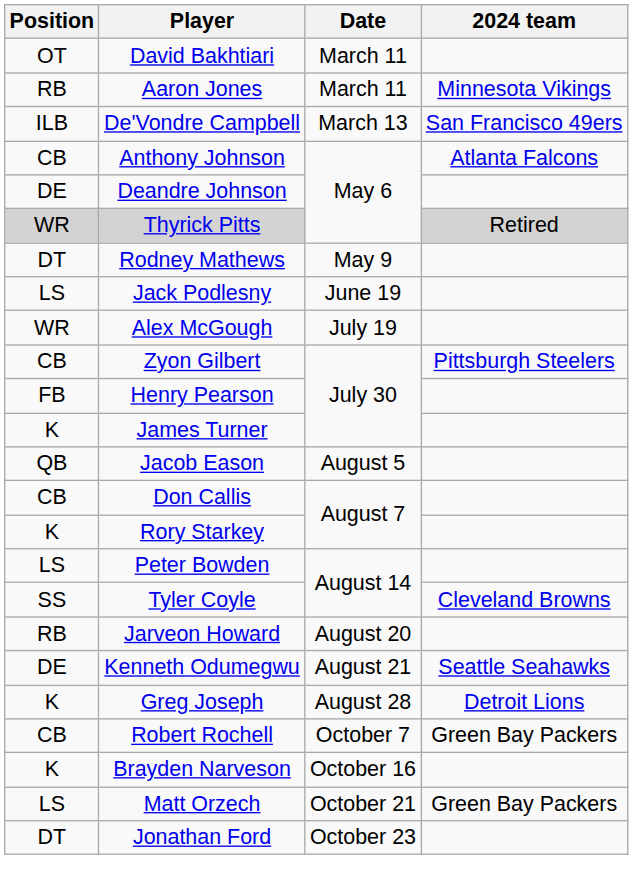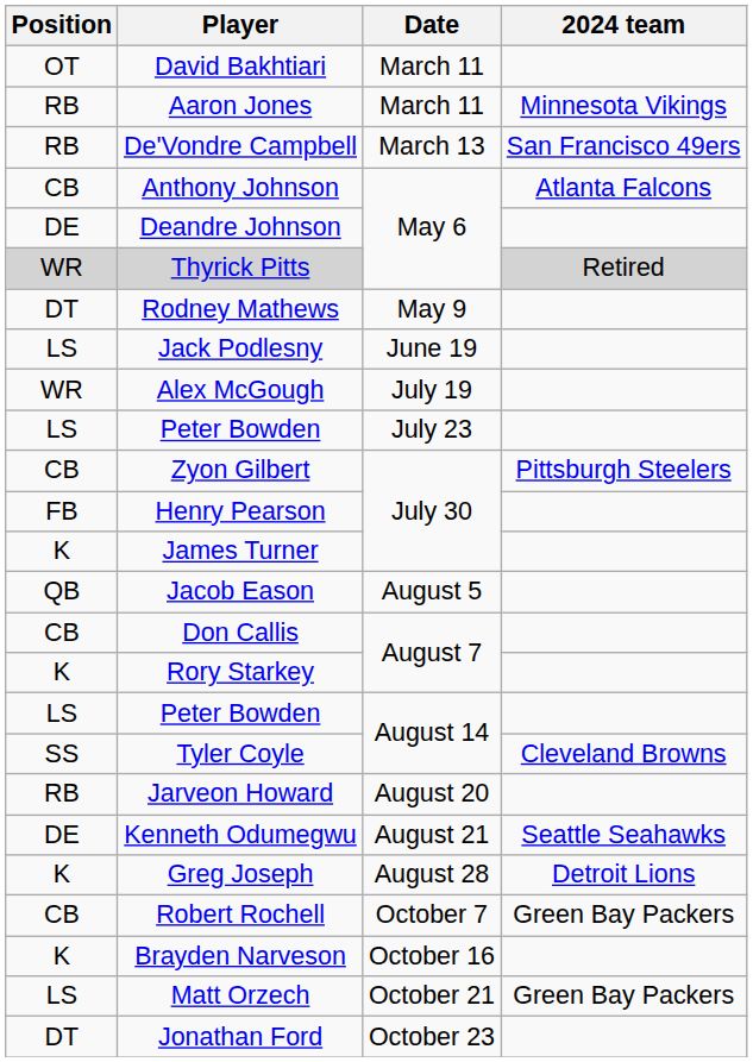 <table class="wikitable" style="text-align:center">
 <tr>
 <th>Position</th>
 <th>Player</th>
 <th>Date</th>
 <th>2024 team</th>
 </tr>
 <tr>
 <td>OT</td>
 <td><a href='#'>David Bakhtiari</a></td>
 <td>March 11</td>
 <td></td>
 </tr>
 <tr>
 <td>RB</td>
 <td><a href='#'>Aaron Jones</a></td>
 <td>March 11</td>
 <td><a href='#'>Minnesota Vikings</a></td>
 </tr>
 <tr>
-<td>ILB</td>
+<td>RB</td>
 <td><a href='#'>De'Vondre Campbell</a></td>
 <td>March 13</td>
 <td><a href='#'>San Francisco 49ers</a></td>
 </tr>
 <tr>
 <td>CB</td>
 <td><a href='#'>Anthony Johnson</a></td>
 <td rowspan=3>May 6</td>
 <td><a href='#'>Atlanta Falcons</a></td>
 </tr>
 <tr>
 <td>DE</td>
 <td><a href='#'>Deandre Johnson</a></td>
 <td></td>
 </tr>
 <tr bgcolor=D3D3D3>
 <td>WR</td>
 <td><a href='#'>Thyrick Pitts</a></td>
 <td>Retired</td>
 </tr>
 <tr>
 <td>DT</td>
 <td><a href='#'>Rodney Mathews</a></td>
 <td>May 9</td>
 <td></td>
 </tr>
 <tr>
 <td>LS</td>
 <td><a href='#'>Jack Podlesny</a></td>
 <td>June 19</td>
 <td></td>
 </tr>
 <tr>
 <td>WR</td>
 <td><a href='#'>Alex McGough</a></td>
 <td>July 19</td>
+<td></td>
+</tr>
+<tr>
+<td>LS</td>
+<td><a href='#'>Peter Bowden</a></td>
+<td>July 23</td>
 <td></td>
 </tr>
 <tr>
 <td>CB</td>
 <td><a href='#'>Zyon Gilbert</a></td>
 <td rowspan=3>July 30</td>
 <td><a href='#'>Pittsburgh Steelers</a></td>
 </tr>
 <tr>
 <td>FB</td>
 <td><a href='#'>Henry Pearson</a></td>
 <td></td>
 </tr>
 <tr>
 <td>K</td>
 <td><a href='#'>James Turner</a></td>
 <td></td>
 </tr>
 <tr>
 <td>QB</td>
 <td><a href='#'>Jacob Eason</a></td>
 <td>August 5</td>
 <td></td>
 </tr>
 <tr>
 <td>CB</td>
 <td><a href='#'>Don Callis</a></td>
 <td rowspan=2>August 7</td>
 <td></td>
 </tr>
 <tr>
 <td>K</td>
 <td><a href='#'>Rory Starkey</a></td>
 <td></td>
 </tr>
 <tr>
 <td>LS</td>
 <td><a href='#'>Peter Bowden</a></td>
 <td rowspan=2>August 14</td>
 <td></td>
 </tr>
 <tr>
 <td>SS</td>
 <td><a href='#'>Tyler Coyle</a></td>
 <td><a href='#'>Cleveland Browns</a></td>
 </tr>
 <tr>
 <td>RB</td>
 <td><a href='#'>Jarveon Howard</a></td>
 <td>August 20</td>
 <td></td>
 </tr>
 <tr>
 <td>DE</td>
 <td><a href='#'>Kenneth Odumegwu</a></td>
 <td>August 21</td>
 <td><a href='#'>Seattle Seahawks</a></td>
 </tr>
 <tr>
 <td>K</td>
 <td><a href='#'>Greg Joseph</a></td>
 <td>August 28</td>
 <td><a href='#'>Detroit Lions</a></td>
 </tr>
 <tr>
 <td>CB</td>
 <td><a href='#'>Robert Rochell</a></td>
 <td>October 7</td>
 <td>Green Bay Packers</td>
 </tr>
 <tr>
 <td>K</td>
 <td><a href='#'>Brayden Narveson</a></td>
 <td>October 16</td>
 <td></td>
 </tr>
 <tr>
 <td>LS</td>
 <td><a href='#'>Matt Orzech</a></td>
 <td>October 21</td>
 <td>Green Bay Packers</td>
 </tr>
 <tr>
 <td>DT</td>
 <td><a href='#'>Jonathan Ford</a></td>
 <td>October 23</td>
 <td></td>
 </tr>
 </table>
